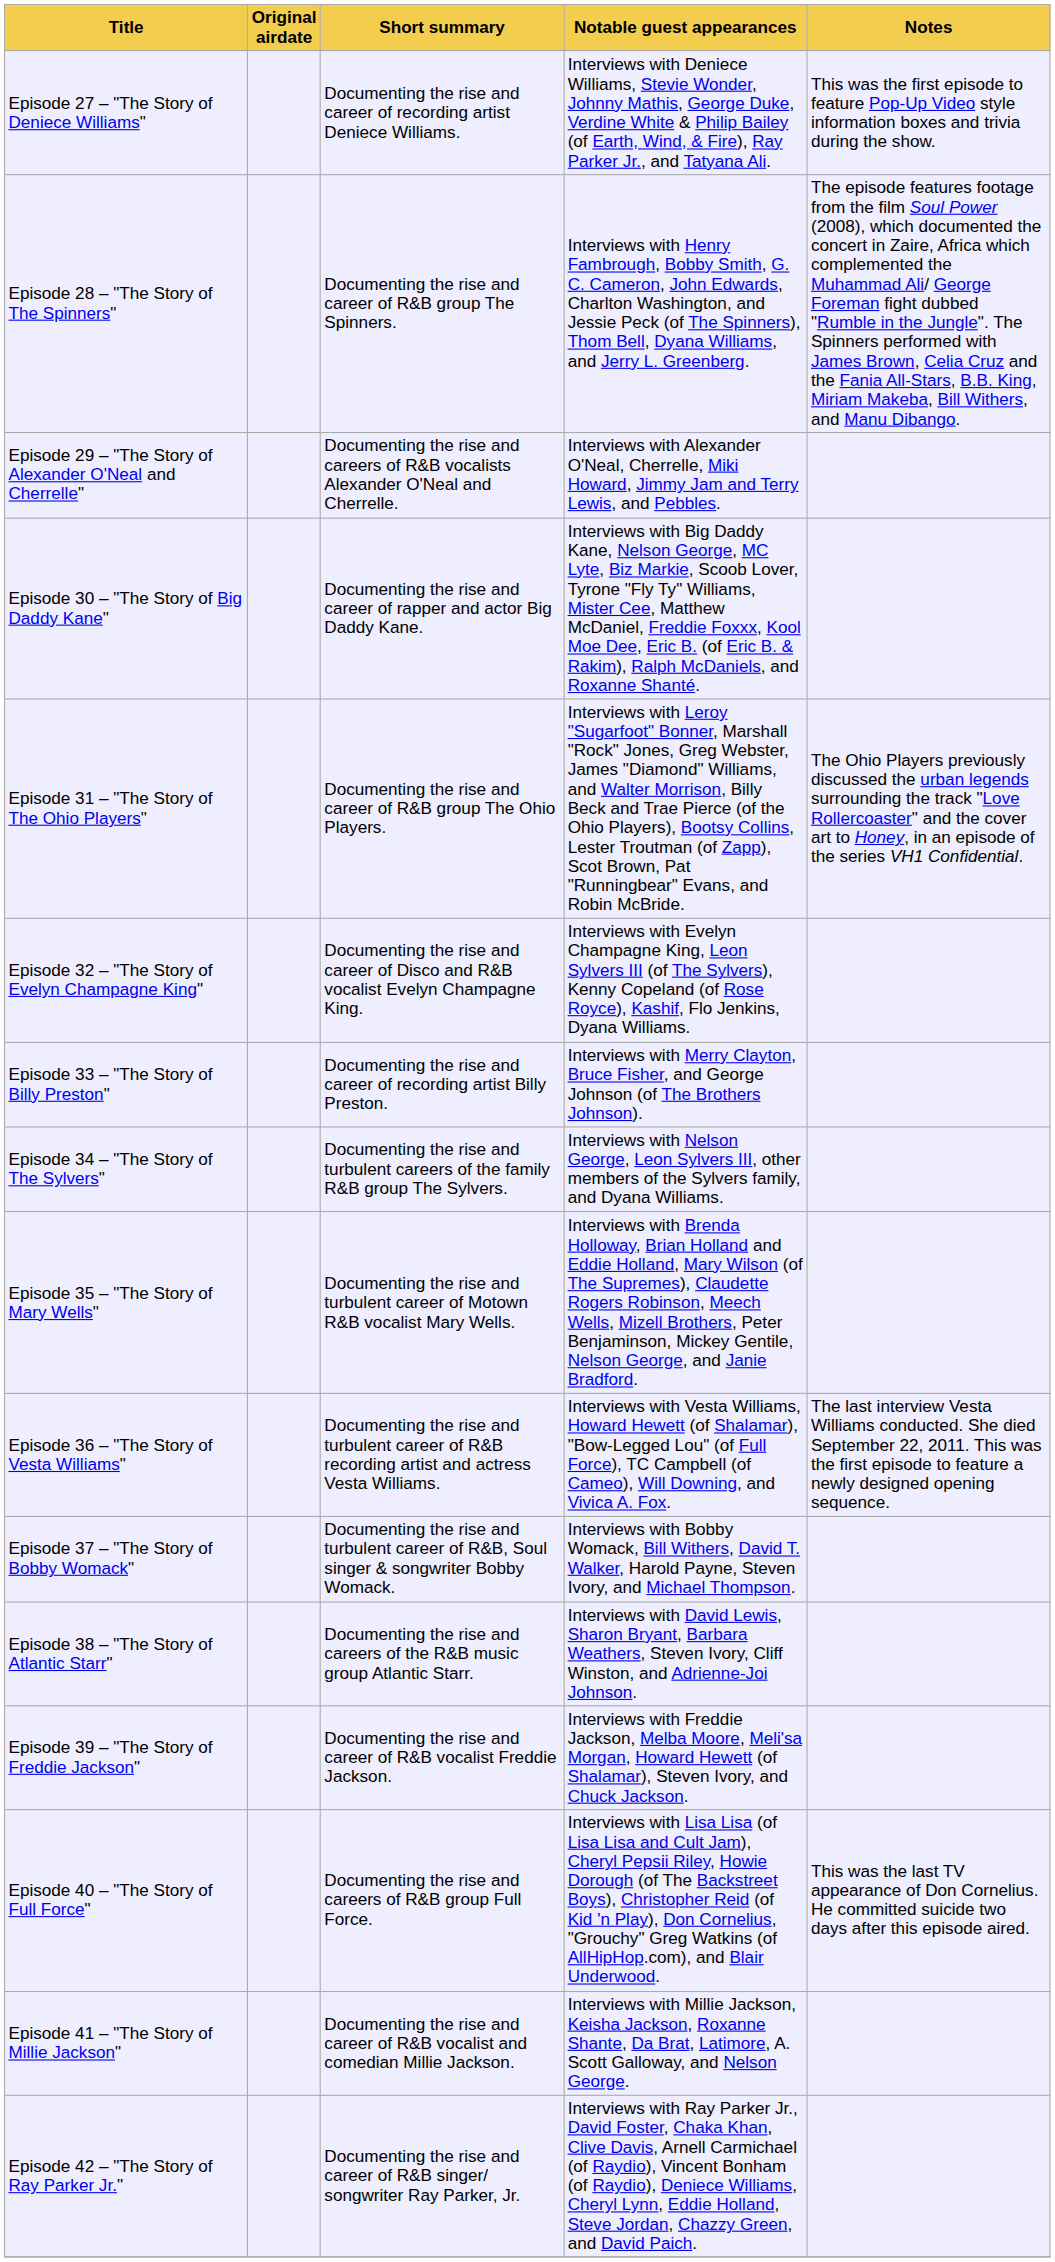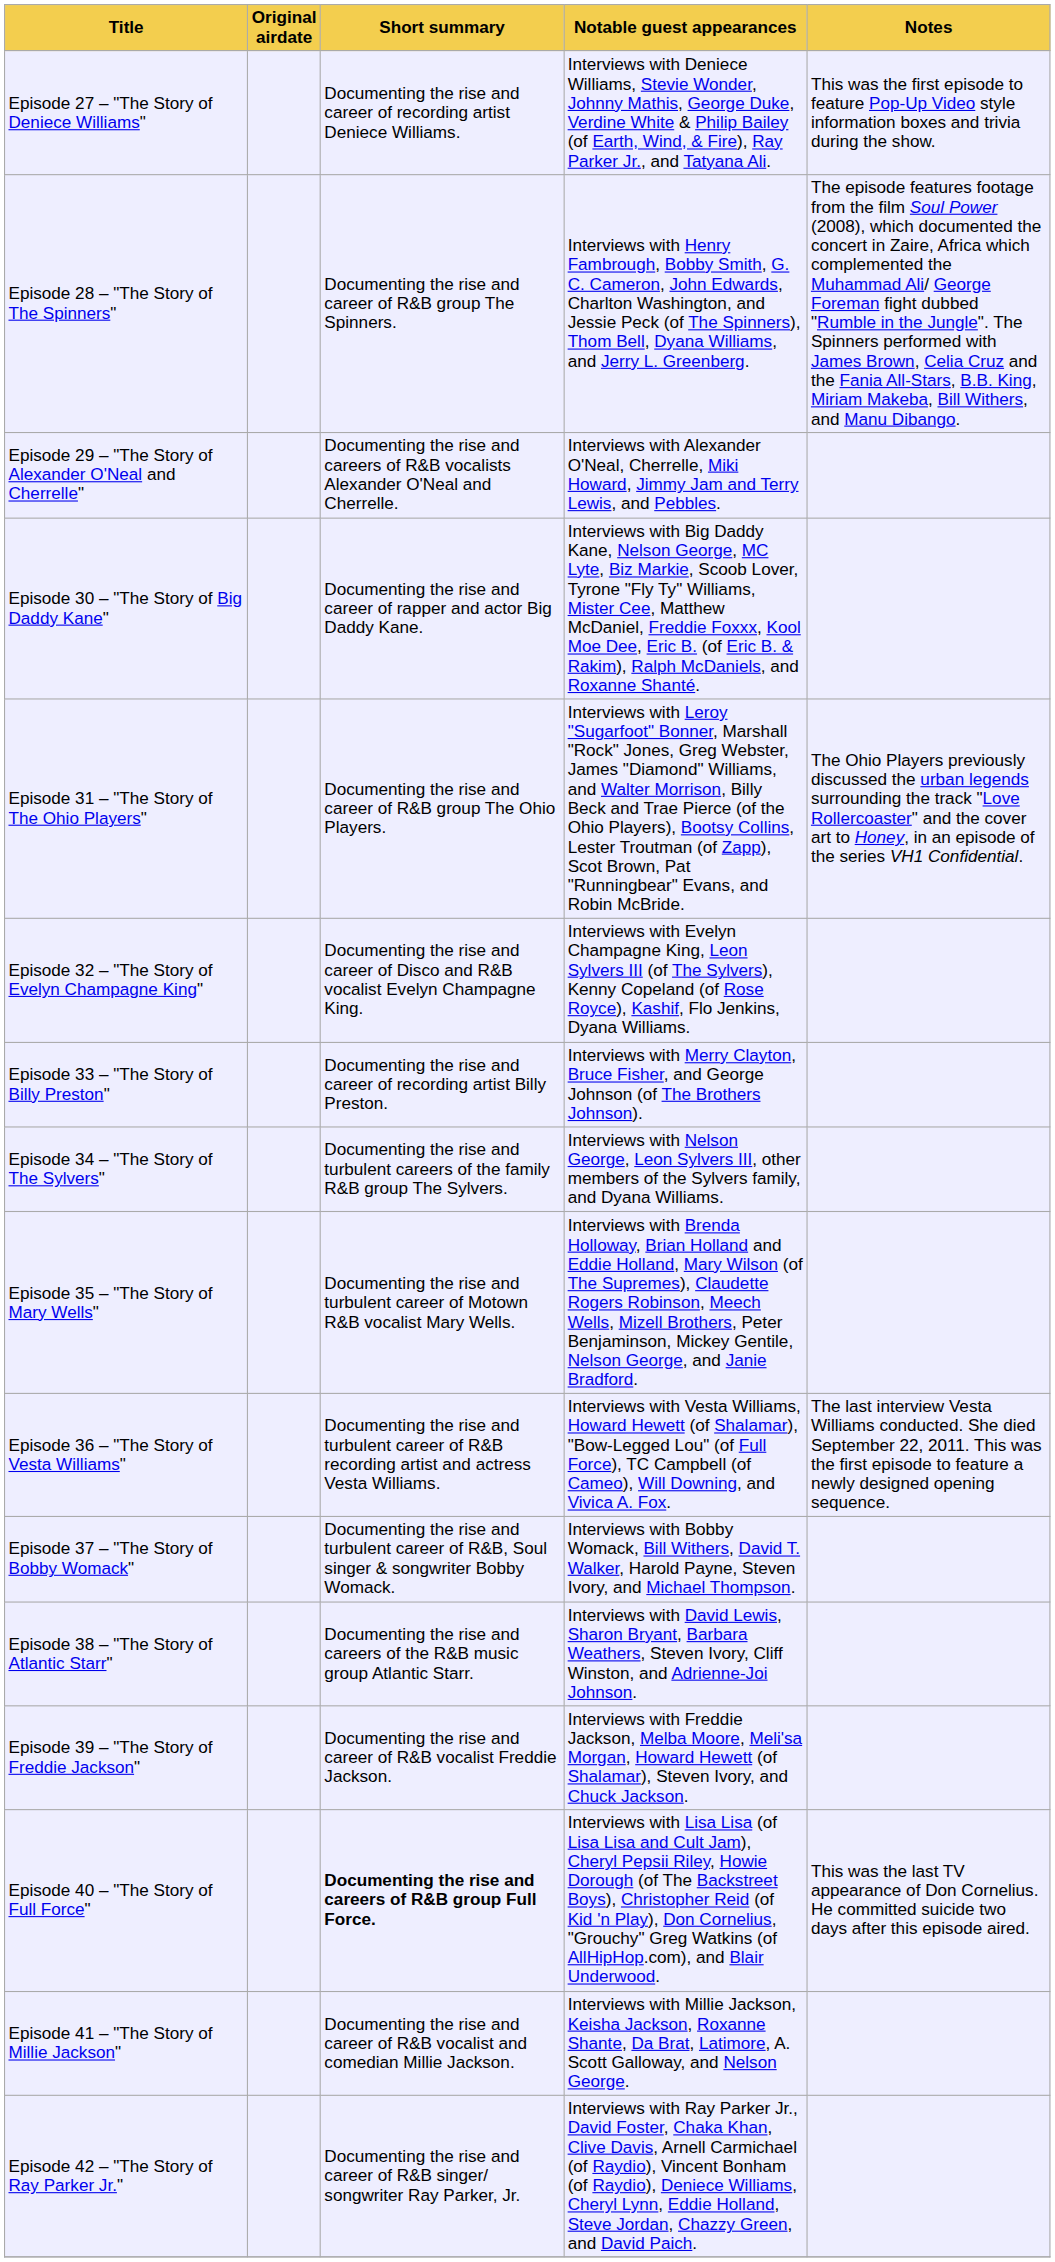 <table class="wikitable" style="background:#EEEEFF">
 <tr>
 <th scope="col" style="background-color: #F3CE4E" width="220">Title</th>
 <th scope="col" style="background-color: #F3CE4E" width="40pt">Original airdate</th>
 <th scope="col" style="background-color: #F3CE4E" width="220">Short summary</th>
 <th scope="col" style="background-color: #F3CE4E" width="220">Notable guest appearances</th>
 <th scope="col" style="background-color: #F3CE4E" width="220">Notes</th>
 </tr>
 <tr>
 <td>Episode 27 – "The Story of <a href='#'>Deniece Williams</a>"</td>
 <td></td>
 <td>Documenting the rise and career of recording artist Deniece Williams.</td>
 <td>Interviews with Deniece Williams, <a href='#'>Stevie Wonder</a>, <a href='#'>Johnny Mathis</a>, <a href='#'>George Duke</a>, <a href='#'>Verdine White</a> & <a href='#'>Philip Bailey</a> (of <a href='#'>Earth, Wind, & Fire</a>), <a href='#'>Ray Parker Jr.</a>, and <a href='#'>Tatyana Ali</a>.</td>
 <td>This was the first episode to feature <a href='#'>Pop-Up Video</a> style information boxes and trivia during the show.</td>
 </tr>
 <tr>
 <td>Episode 28 – "The Story of <a href='#'>The Spinners</a>"</td>
 <td></td>
 <td>Documenting the rise and career of R&B group The Spinners.</td>
 <td>Interviews with <a href='#'>Henry Fambrough</a>, <a href='#'>Bobby Smith</a>, <a href='#'>G. C. Cameron</a>, <a href='#'>John Edwards</a>, Charlton Washington, and Jessie Peck (of <a href='#'>The Spinners</a>), <a href='#'>Thom Bell</a>, <a href='#'>Dyana Williams</a>, and <a href='#'>Jerry L. Greenberg</a>.</td>
 <td>The episode features footage from the film <em><a href='#'>Soul Power</a></em> (2008), which documented the concert in Zaire, Africa which complemented the <a href='#'>Muhammad Ali</a>/ <a href='#'>George Foreman</a> fight dubbed "<a href='#'>Rumble in the Jungle</a>". The Spinners performed with <a href='#'>James Brown</a>, <a href='#'>Celia Cruz</a> and the <a href='#'>Fania All-Stars</a>, <a href='#'>B.B. King</a>, <a href='#'>Miriam Makeba</a>, <a href='#'>Bill Withers</a>, and <a href='#'>Manu Dibango</a>.</td>
 </tr>
 <tr>
 <td>Episode 29 – "The Story of <a href='#'>Alexander O'Neal</a> and <a href='#'>Cherrelle</a>"</td>
 <td></td>
 <td>Documenting the rise and careers of R&B vocalists Alexander O'Neal and Cherrelle.</td>
 <td>Interviews with Alexander O'Neal, Cherrelle, <a href='#'>Miki Howard</a>, <a href='#'>Jimmy Jam and Terry Lewis</a>, and <a href='#'>Pebbles</a>.</td>
 <td></td>
 </tr>
 <tr>
 <td>Episode 30 – "The Story of <a href='#'>Big Daddy Kane</a>"</td>
 <td></td>
 <td>Documenting the rise and career of rapper and actor Big Daddy Kane.</td>
 <td>Interviews with Big Daddy Kane, <a href='#'>Nelson George</a>, <a href='#'>MC Lyte</a>, <a href='#'>Biz Markie</a>, Scoob Lover, Tyrone "Fly Ty" Williams, <a href='#'>Mister Cee</a>, Matthew McDaniel, <a href='#'>Freddie Foxxx</a>, <a href='#'>Kool Moe Dee</a>, <a href='#'>Eric B.</a> (of <a href='#'>Eric B. & Rakim</a>), <a href='#'>Ralph McDaniels</a>, and <a href='#'>Roxanne Shanté</a>.</td>
 <td></td>
 </tr>
 <tr>
 <td>Episode 31 – "The Story of <a href='#'>The Ohio Players</a>"</td>
 <td></td>
 <td>Documenting the rise and career of R&B group The Ohio Players.</td>
 <td>Interviews with <a href='#'>Leroy "Sugarfoot" Bonner</a>, Marshall "Rock" Jones, Greg Webster, James "Diamond" Williams, and <a href='#'>Walter Morrison</a>, Billy Beck and Trae Pierce (of the Ohio Players), <a href='#'>Bootsy Collins</a>, Lester Troutman (of <a href='#'>Zapp</a>), Scot Brown, Pat "Runningbear" Evans, and Robin McBride.</td>
 <td>The Ohio Players previously discussed the <a href='#'>urban legends</a> surrounding the track "<a href='#'>Love Rollercoaster</a>" and the cover art to <em><a href='#'>Honey</a></em>, in an episode of the series <em>VH1 Confidential</em>.<br></td>
 </tr>
 <tr>
 <td>Episode 32 – "The Story of <a href='#'>Evelyn Champagne King</a>"</td>
 <td></td>
 <td>Documenting the rise and career of Disco and R&B vocalist Evelyn Champagne King.</td>
 <td>Interviews with Evelyn Champagne King, <a href='#'>Leon Sylvers III</a> (of <a href='#'>The Sylvers</a>), Kenny Copeland (of <a href='#'>Rose Royce</a>), <a href='#'>Kashif</a>, Flo Jenkins, Dyana Williams.</td>
 <td></td>
 </tr>
 <tr>
 <td>Episode 33 – "The Story of <a href='#'>Billy Preston</a>"</td>
 <td></td>
 <td>Documenting the rise and career of recording artist Billy Preston.</td>
 <td>Interviews with <a href='#'>Merry Clayton</a>, <a href='#'>Bruce Fisher</a>, and George Johnson (of <a href='#'>The Brothers Johnson</a>).</td>
 <td></td>
 </tr>
 <tr>
 <td>Episode 34 – "The Story of <a href='#'>The Sylvers</a>"</td>
 <td></td>
 <td>Documenting the rise and turbulent careers of the family R&B group The Sylvers.</td>
 <td>Interviews with <a href='#'>Nelson George</a>, <a href='#'>Leon Sylvers III</a>, other members of the Sylvers family, and Dyana Williams.</td>
 <td></td>
 </tr>
 <tr>
 <td>Episode 35 – "The Story of <a href='#'>Mary Wells</a>"</td>
 <td></td>
 <td>Documenting the rise and turbulent career of Motown R&B vocalist Mary Wells.</td>
 <td>Interviews with <a href='#'>Brenda Holloway</a>, <a href='#'>Brian Holland</a> and <a href='#'>Eddie Holland</a>, <a href='#'>Mary Wilson</a> (of <a href='#'>The Supremes</a>), <a href='#'>Claudette Rogers Robinson</a>, <a href='#'>Meech Wells</a>, <a href='#'>Mizell Brothers</a>, Peter Benjaminson, Mickey Gentile, <a href='#'>Nelson George</a>, and <a href='#'>Janie Bradford</a>.</td>
 <td></td>
 </tr>
 <tr>
 <td>Episode 36 – "The Story of <a href='#'>Vesta Williams</a>"</td>
 <td></td>
 <td>Documenting the rise and turbulent career of R&B recording artist and actress Vesta Williams.</td>
 <td>Interviews with Vesta Williams, <a href='#'>Howard Hewett</a> (of <a href='#'>Shalamar</a>), "Bow-Legged Lou" (of <a href='#'>Full Force</a>), TC Campbell (of <a href='#'>Cameo</a>), <a href='#'>Will Downing</a>, and <a href='#'>Vivica A. Fox</a>.</td>
 <td>The last interview Vesta Williams conducted. She died September 22, 2011. This was the first episode to feature a newly designed opening sequence.</td>
 </tr>
 <tr>
 <td>Episode 37 – "The Story of <a href='#'>Bobby Womack</a>"</td>
 <td></td>
 <td>Documenting the rise and turbulent career of R&B, Soul singer & songwriter Bobby Womack.</td>
 <td>Interviews with Bobby Womack, <a href='#'>Bill Withers</a>, <a href='#'>David T. Walker</a>, Harold Payne, Steven Ivory, and <a href='#'>Michael Thompson</a>.</td>
 <td></td>
 </tr>
 <tr>
 <td>Episode 38 – "The Story of <a href='#'>Atlantic Starr</a>"</td>
 <td></td>
 <td>Documenting the rise and careers of the R&B music group Atlantic Starr.</td>
 <td>Interviews with <a href='#'>David Lewis</a>, <a href='#'>Sharon Bryant</a>, <a href='#'>Barbara Weathers</a>, Steven Ivory, Cliff Winston, and <a href='#'>Adrienne-Joi Johnson</a>.</td>
 <td></td>
 </tr>
 <tr>
 <td>Episode 39 – "The Story of <a href='#'>Freddie Jackson</a>"</td>
 <td></td>
 <td>Documenting the rise and career of R&B vocalist Freddie Jackson.</td>
 <td>Interviews with Freddie Jackson, <a href='#'>Melba Moore</a>, <a href='#'>Meli'sa Morgan</a>, <a href='#'>Howard Hewett</a> (of <a href='#'>Shalamar</a>), Steven Ivory, and <a href='#'>Chuck Jackson</a>.</td>
 <td></td>
 </tr>
 <tr>
 <td>Episode 40 – "The Story of <a href='#'>Full Force</a>"</td>
 <td></td>
-<td>Documenting the rise and careers of R&B group Full Force.</td>
+<td><strong>Documenting the rise and careers of R&B group Full Force.</strong></td>
 <td>Interviews with <a href='#'>Lisa Lisa</a> (of <a href='#'>Lisa Lisa and Cult Jam</a>), <a href='#'>Cheryl Pepsii Riley</a>, <a href='#'>Howie Dorough</a> (of The <a href='#'>Backstreet Boys</a>), <a href='#'>Christopher Reid</a> (of <a href='#'>Kid 'n Play</a>), <a href='#'>Don Cornelius</a>, "Grouchy" Greg Watkins (of <a href='#'>AllHipHop</a>.com), and <a href='#'>Blair Underwood</a>.</td>
 <td>This was the last TV appearance of Don Cornelius. He committed suicide two days after this episode aired.</td>
 </tr>
 <tr>
 <td>Episode 41 – "The Story of <a href='#'>Millie Jackson</a>"</td>
 <td></td>
 <td>Documenting the rise and career of R&B vocalist and comedian Millie Jackson.</td>
 <td>Interviews with Millie Jackson, <a href='#'>Keisha Jackson</a>, <a href='#'>Roxanne Shante</a>, <a href='#'>Da Brat</a>, <a href='#'>Latimore</a>, A. Scott Galloway, and <a href='#'>Nelson George</a>.</td>
 <td></td>
 </tr>
 <tr>
 <td>Episode 42 – "The Story of <a href='#'>Ray Parker Jr.</a>"</td>
 <td></td>
 <td>Documenting the rise and career of R&B singer/ songwriter Ray Parker, Jr.</td>
 <td>Interviews with Ray Parker Jr., <a href='#'>David Foster</a>, <a href='#'>Chaka Khan</a>, <a href='#'>Clive Davis</a>, Arnell Carmichael (of <a href='#'>Raydio</a>), Vincent Bonham (of <a href='#'>Raydio</a>), <a href='#'>Deniece Williams</a>, <a href='#'>Cheryl Lynn</a>, <a href='#'>Eddie Holland</a>, <a href='#'>Steve Jordan</a>, <a href='#'>Chazzy Green</a>, and <a href='#'>David Paich</a>.</td>
 <td></td>
 </tr>
 <tr>
 </tr>
 </table>
